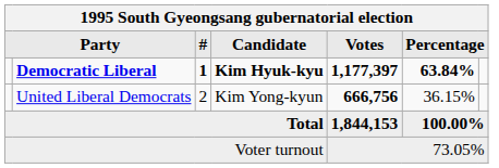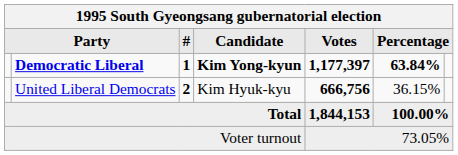 <table class="wikitable">
 <tr>
 <th colspan="7">1995 South Gyeongsang gubernatorial election</th>
 </tr>
 <tr>
 <th style="background-color:#E9E9E9" colspan=2>Party</th>
 <th style="background-color:#E9E9E9">#</th>
 <th style="background-color:#E9E9E9">Candidate</th>
 <th style="background-color:#E9E9E9">Votes</th>
 <th style="background-color:#E9E9E9" colspan=2>Percentage</th>
 </tr>
 <tr style="font-weight:bold">
 <td></td>
 <td align=left><a href='#'>Democratic Liberal</a></td>
 <td align=center>1</td>
-<td align=left>Kim Hyuk-kyu</td>
+<td align=left>Kim Yong-kyun</td>
 <td align=right>1,177,397</td>
 <td align=right>63.84%</td>
 <td align=right></td>
 </tr>
 <tr>
 <td></td>
 <td align=left><a href='#'>United Liberal Democrats</a></td>
-<td align=center>2</td>
-<td align=left>Kim Yong-kyun</td>
+<td align=center><strong>2</strong></td>
+<td align=left>Kim Hyuk-kyu</td>
 <td align=right><strong>666,756</strong></td>
 <td align=right>36.15%</td>
 <td align=right></td>
 </tr>
 <tr bgcolor="#EEEEEE" style="font-weight:bold">
 <td colspan="4" align=right>Total</td>
 <td align=right>1,844,153</td>
 <td align=right colspan=2>100.00%</td>
 </tr>
 <tr bgcolor="#EEEEEE">
 <td colspan="4" align="right">Voter turnout</td>
 <td colspan="3" align="right">73.05%</td>
 </tr>
 </table>
